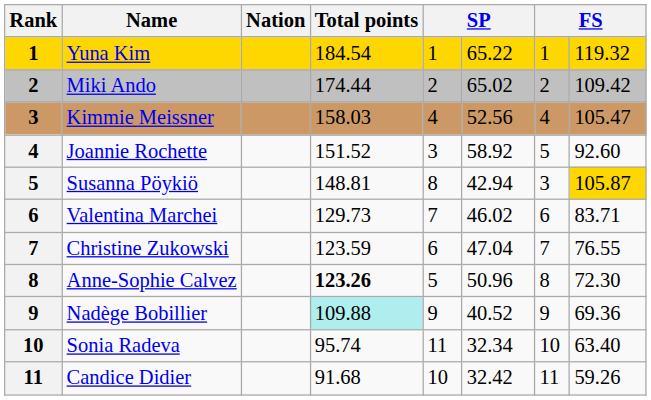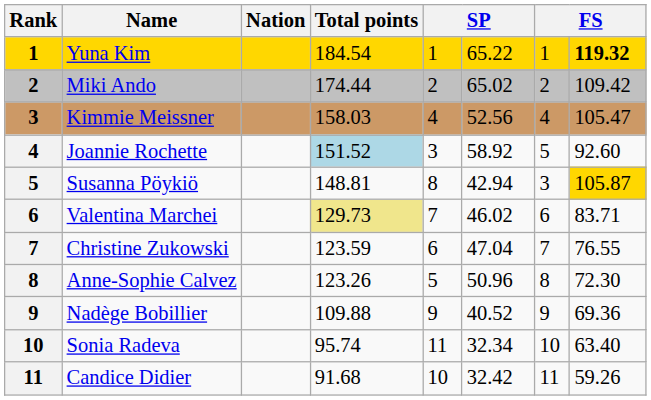 <table class="wikitable">
 <tr>
 <th>Rank</th>
 <th>Name</th>
 <th>Nation</th>
 <th>Total points</th>
 <th colspan="2" width="80px"><a href='#'>SP</a></th>
 <th colspan="2" width="80px"><a href='#'>FS</a></th>
 </tr>
 <tr bgcolor="gold">
 <td align="center"><strong>1</strong></td>
 <td><a href='#'>Yuna Kim</a></td>
 <td></td>
 <td>184.54</td>
 <td>1</td>
 <td>65.22</td>
 <td>1</td>
-<td>119.32</td>
+<td><strong>119.32</strong></td>
 </tr>
 <tr bgcolor="silver">
 <td align="center"><strong>2</strong></td>
 <td><a href='#'>Miki Ando</a></td>
 <td></td>
 <td>174.44</td>
 <td>2</td>
 <td>65.02</td>
 <td>2</td>
 <td>109.42</td>
 </tr>
 <tr bgcolor="cc9966">
 <td align="center"><strong>3</strong></td>
 <td><a href='#'>Kimmie Meissner</a></td>
 <td></td>
 <td>158.03</td>
 <td>4</td>
 <td>52.56</td>
 <td>4</td>
 <td>105.47</td>
 </tr>
 <tr>
 <th>4</th>
 <td><a href='#'>Joannie Rochette</a></td>
 <td></td>
-<td>151.52</td>
+<td style="background: lightblue;">151.52</td>
 <td>3</td>
 <td>58.92</td>
 <td>5</td>
 <td>92.60</td>
 </tr>
 <tr>
 <th>5</th>
 <td><a href='#'>Susanna Pöykiö</a></td>
 <td></td>
 <td>148.81</td>
 <td>8</td>
 <td>42.94</td>
 <td>3</td>
 <td style="background: gold;">105.87</td>
 </tr>
 <tr>
 <th>6</th>
 <td><a href='#'>Valentina Marchei</a></td>
 <td></td>
-<td>129.73</td>
+<td style="background: khaki;">129.73</td>
 <td>7</td>
 <td>46.02</td>
 <td>6</td>
 <td>83.71</td>
 </tr>
 <tr>
 <th>7</th>
 <td><a href='#'>Christine Zukowski</a></td>
 <td></td>
 <td>123.59</td>
 <td>6</td>
 <td>47.04</td>
 <td>7</td>
 <td>76.55</td>
 </tr>
 <tr>
 <th>8</th>
 <td><a href='#'>Anne-Sophie Calvez</a></td>
 <td></td>
-<td><strong>123.26</strong></td>
+<td>123.26</td>
 <td>5</td>
 <td>50.96</td>
 <td>8</td>
 <td>72.30</td>
 </tr>
 <tr>
 <th>9</th>
 <td><a href='#'>Nadège Bobillier</a></td>
 <td></td>
-<td style="background: paleturquoise;">109.88</td>
+<td>109.88</td>
 <td>9</td>
 <td>40.52</td>
 <td>9</td>
 <td>69.36</td>
 </tr>
 <tr>
 <th>10</th>
 <td><a href='#'>Sonia Radeva</a></td>
 <td></td>
 <td>95.74</td>
 <td>11</td>
 <td>32.34</td>
 <td>10</td>
 <td>63.40</td>
 </tr>
 <tr>
 <th>11</th>
 <td><a href='#'>Candice Didier</a></td>
 <td></td>
 <td>91.68</td>
 <td>10</td>
 <td>32.42</td>
 <td>11</td>
 <td>59.26</td>
 </tr>
 </table>
